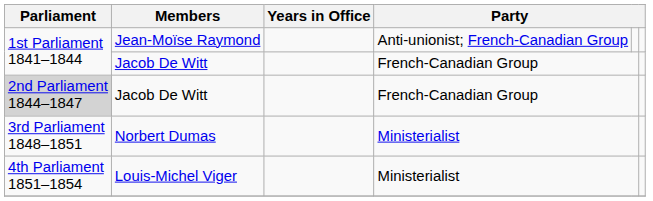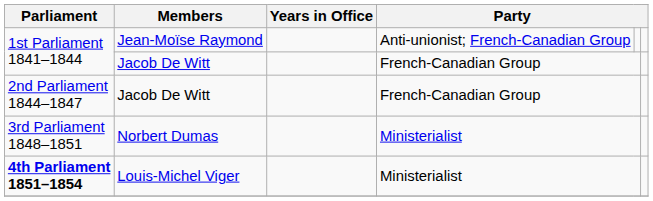 <table class="wikitable">
 <tr>
 <th>Parliament</th>
 <th colspan="2">Members</th>
 <th>Years in Office</th>
 <th colspan="3">Party</th>
 </tr>
 <tr>
 <td rowspan="2"><a href='#'>1st Parliament</a><br>1841–1844</td>
 <td colspan="2"><a href='#'>Jean-Moïse Raymond</a></td>
 <td></td>
 <td>Anti-unionist; <a href='#'>French-Canadian Group</a></td>
 <td></td>
 <td></td>
 </tr>
 <tr>
 <td colspan="2"><a href='#'>Jacob De Witt</a></td>
 <td></td>
 <td colspan="2">French-Canadian Group</td>
 <td></td>
 </tr>
 <tr>
-<td style="background: lightgrey;"><a href='#'>2nd Parliament</a> <br> 1844–1847</td>
+<td><a href='#'>2nd Parliament</a> <br> 1844–1847</td>
 <td colspan="2">Jacob De Witt</td>
 <td></td>
 <td colspan="2">French-Canadian Group</td>
 <td></td>
 </tr>
 <tr>
 <td><a href='#'>3rd Parliament</a> <br> 1848–1851</td>
 <td colspan="2"><a href='#'>Norbert Dumas</a></td>
 <td></td>
 <td colspan="2"><a href='#'>Ministerialist</a></td>
 <td></td>
 </tr>
 <tr>
-<td><a href='#'>4th Parliament</a> <br> 1851–1854</td>
+<td><strong><a href='#'>4th Parliament</a> <br> 1851–1854</strong></td>
 <td colspan="2"><a href='#'>Louis-Michel Viger</a></td>
 <td></td>
 <td colspan="2">Ministerialist</td>
 <td></td>
 </tr>
 <tr>
 </tr>
 </table>
